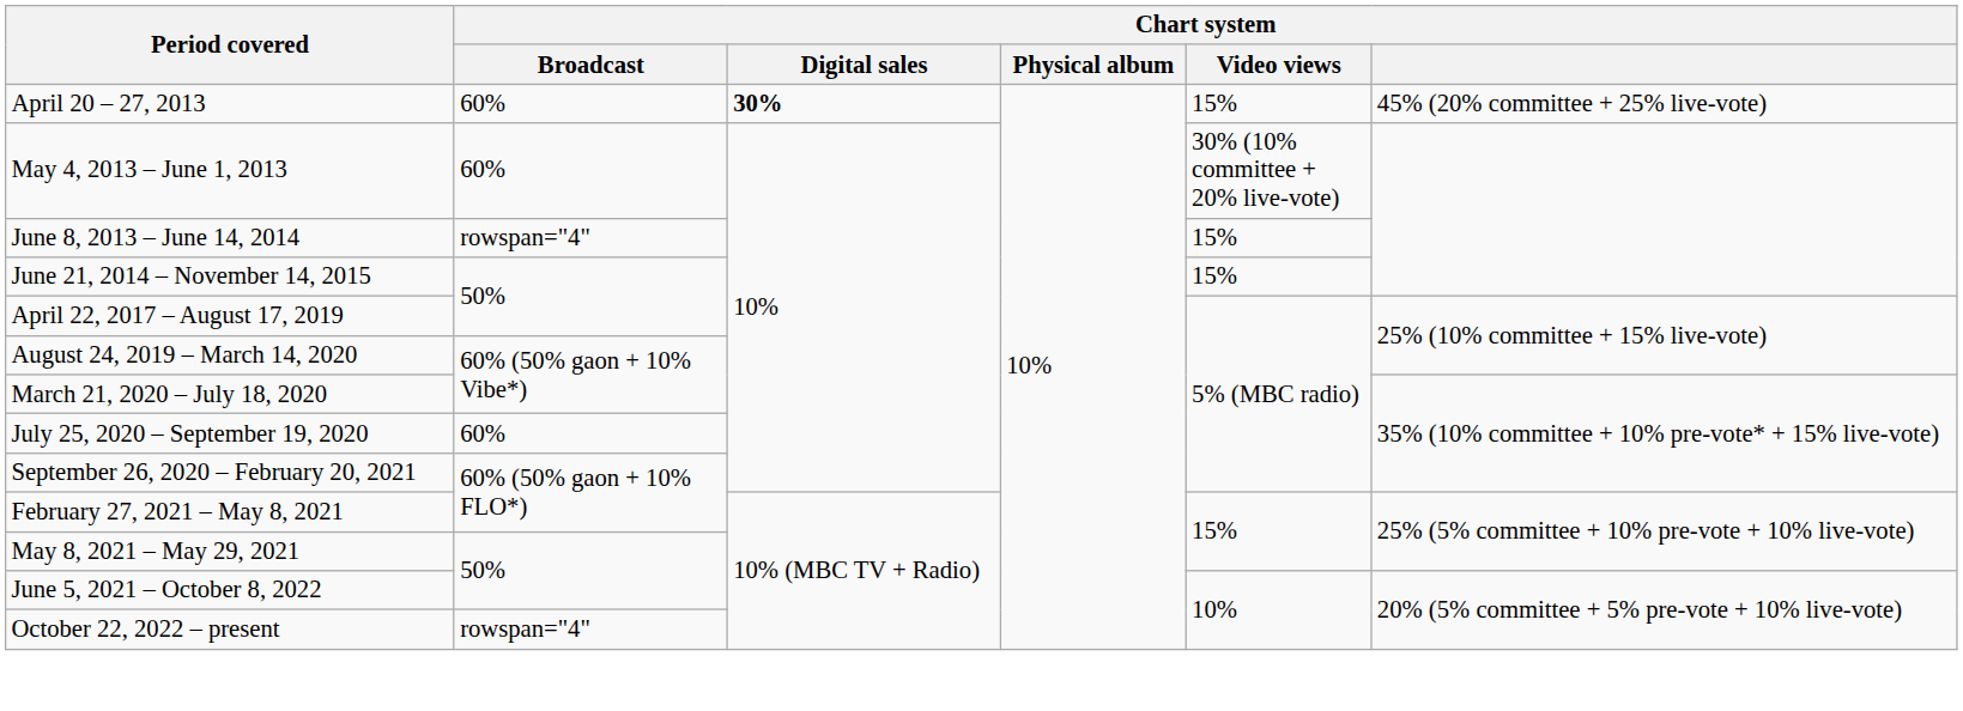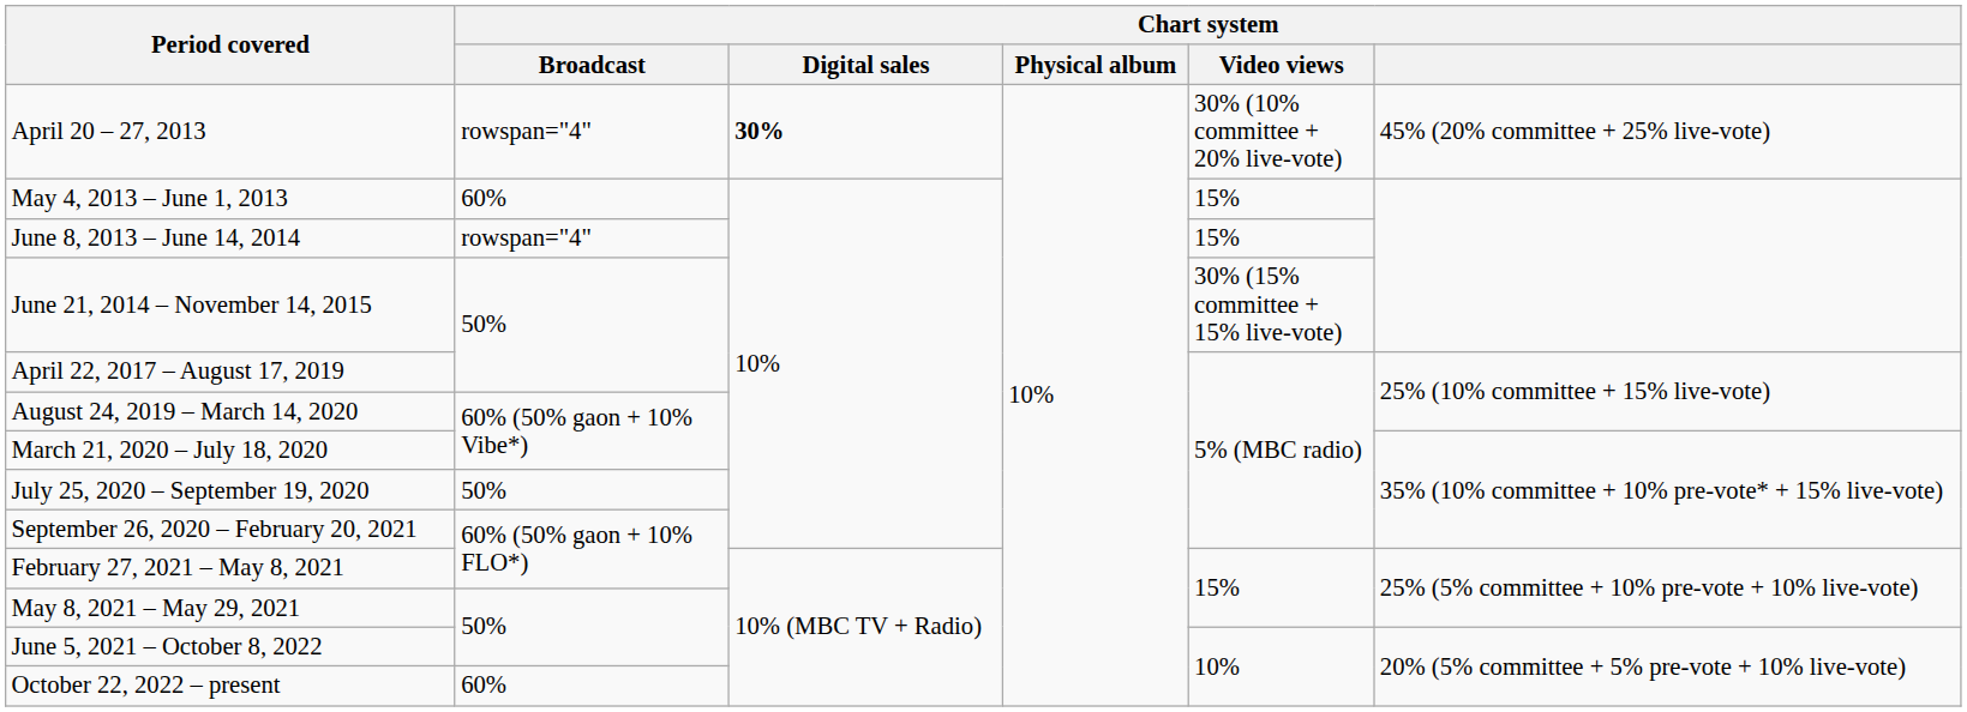 <table class="wikitable" style="width:100%">
 <tr>
 <th rowspan="2" style=" width:23%">Period covered</th>
 <th colspan="5" style=" width:77%">Chart system</th>
 </tr>
 <tr>
 <th style=" width:14%">Broadcast</th>
 <th style=" width:14%">Digital sales</th>
 <th style=" width:9.5%">Physical album</th>
 <th style=" width:9.5%">Video views</th>
 <th style=" width:30%"></th>
 </tr>
 <tr>
 <td>April 20 – 27, 2013</td>
-<td>60%</td>
+<td>rowspan="4" </td>
 <td><strong>30%</strong></td>
 <td rowspan="13">10%</td>
-<td>15%</td>
+<td>30% (10% committee + 20% live-vote)</td>
 <td>45% (20% committee + 25% live-vote)</td>
 </tr>
 <tr>
 <td>May 4, 2013 – June 1, 2013</td>
 <td>60%</td>
 <td rowspan="8">10%</td>
-<td>30% (10% committee + 20% live-vote)</td>
+<td>15%</td>
 </tr>
 <tr>
 <td>June 8, 2013 – June 14, 2014</td>
 <td>rowspan="4" </td>
 <td>15%</td>
 </tr>
 <tr>
 <td>June 21, 2014 – November 14, 2015</td>
 <td rowspan="2">50%</td>
-<td>15%</td>
+<td>30% (15% committee + 15% live-vote)</td>
 </tr>
 <tr>
 <td>April 22, 2017 – August 17, 2019</td>
 <td rowspan="5">5% (MBC radio)</td>
 <td rowspan="2">25% (10% committee + 15% live-vote)</td>
 </tr>
 <tr>
 <td>August 24, 2019 – March 14, 2020</td>
 <td rowspan="2">60% (50% gaon + 10% Vibe*)</td>
 </tr>
 <tr>
 <td>March 21, 2020 – July 18, 2020</td>
 <td rowspan="3">35% (10% committee + 10% pre-vote* + 15% live-vote)</td>
 </tr>
 <tr>
 <td>July 25, 2020 – September 19, 2020</td>
-<td>60%</td>
+<td>50%</td>
 </tr>
 <tr>
 <td>September 26, 2020 – February 20, 2021</td>
 <td rowspan="2">60% (50% gaon + 10% FLO*)</td>
 </tr>
 <tr>
 <td>February 27, 2021 – May 8, 2021</td>
 <td rowspan="4">10% (MBC TV + Radio)</td>
 <td rowspan="2">15%</td>
 <td rowspan="2">25% (5% committee + 10% pre-vote + 10% live-vote)</td>
 </tr>
 <tr>
 <td>May 8, 2021 – May 29, 2021</td>
 <td rowspan="2">50%</td>
 </tr>
 <tr>
 <td>June 5, 2021 – October 8, 2022</td>
 <td rowspan="2">10%</td>
 <td rowspan="2">20% (5% committee + 5% pre-vote + 10% live-vote)</td>
 </tr>
 <tr>
 <td>October 22, 2022 – present</td>
-<td>rowspan="4" </td>
+<td>60%</td>
 </tr>
 </table>
